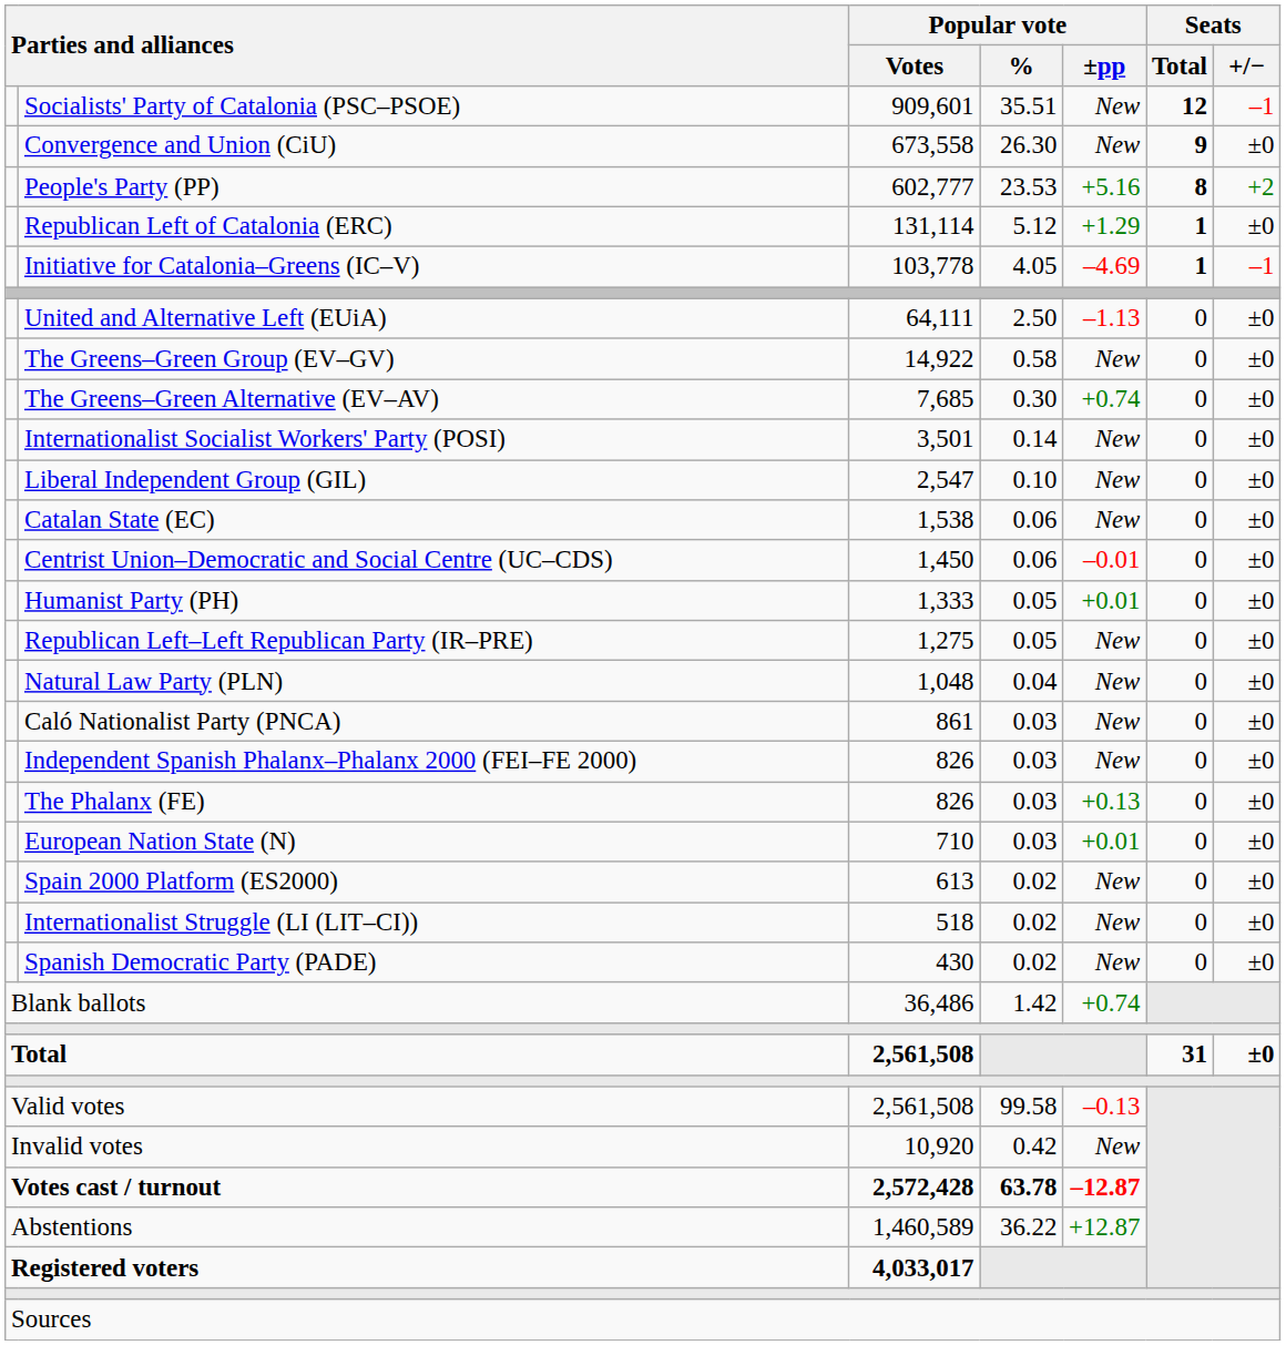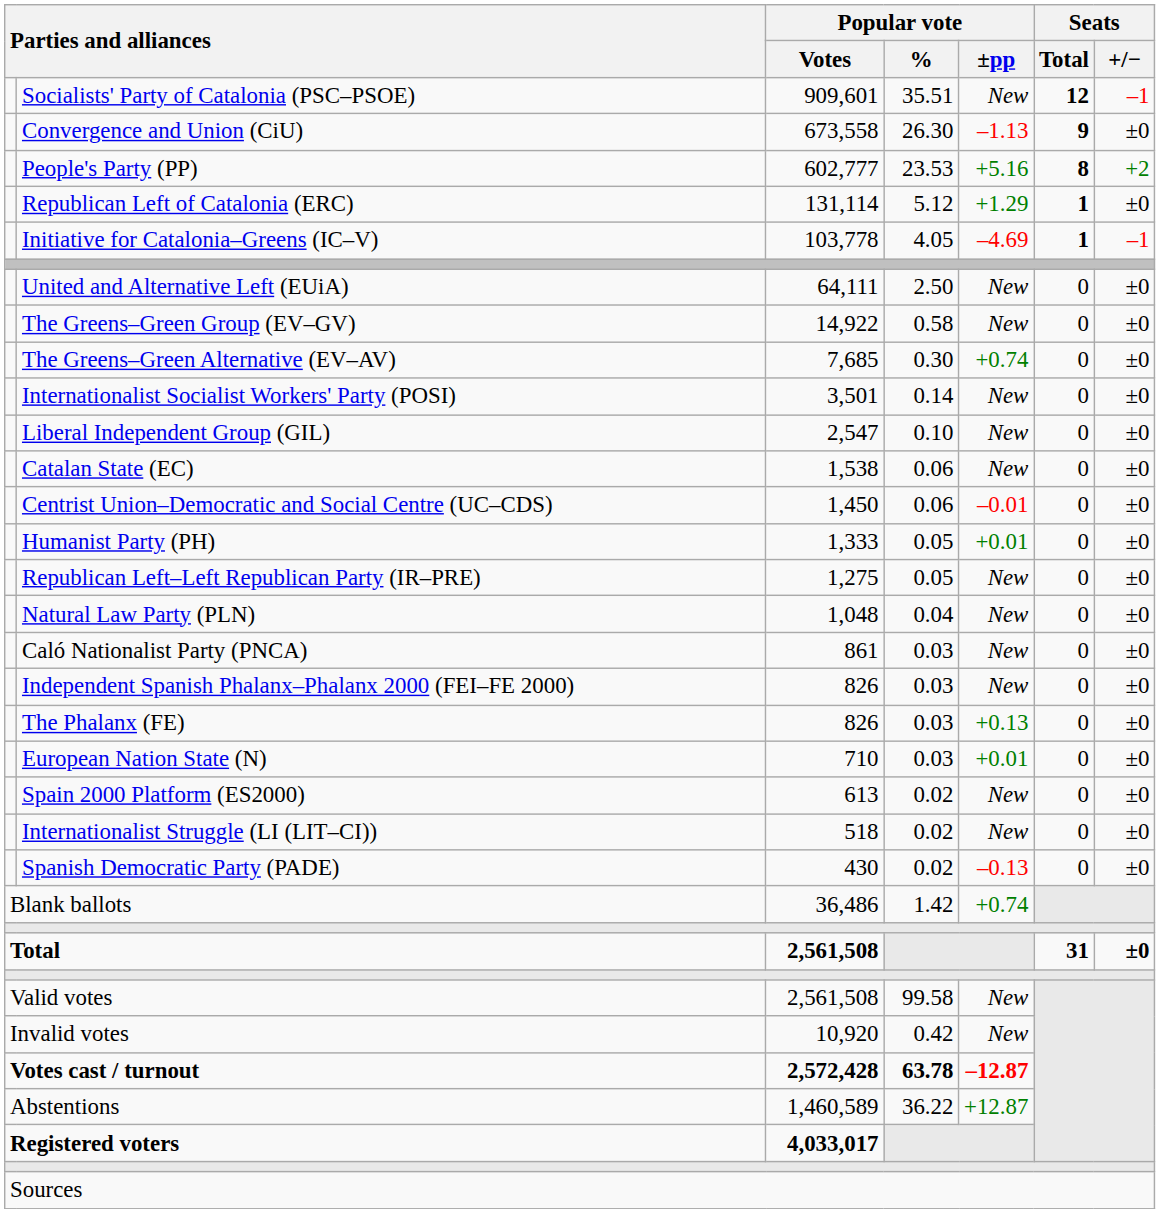 <table class="wikitable" style="text-align:right;">
 <tr>
 <th style="text-align:left;" rowspan="2" colspan="2" width="525">Parties and alliances</th>
 <th colspan="3">Popular vote</th>
 <th colspan="2">Seats</th>
 </tr>
 <tr>
 <th width="75">Votes</th>
 <th width="45">%</th>
 <th width="45">±<a href='#'>pp</a></th>
 <th width="35">Total</th>
 <th width="35">+/−</th>
 </tr>
 <tr>
 <td width="1" style="color:inherit;background:"></td>
 <td align="left"><a href='#'>Socialists' Party of Catalonia</a> (PSC–PSOE)</td>
 <td>909,601</td>
 <td>35.51</td>
 <td><em>New</em></td>
 <td><strong>12</strong></td>
 <td style="color:red;">–1</td>
 </tr>
 <tr>
 <td style="color:inherit;background:"></td>
 <td align="left"><a href='#'>Convergence and Union</a> (CiU)</td>
 <td>673,558</td>
 <td>26.30</td>
-<td><em>New</em></td>
+<td style="color:red;">–1.13</td>
 <td><strong>9</strong></td>
 <td>±0</td>
 </tr>
 <tr>
 <td style="color:inherit;background:"></td>
 <td align="left"><a href='#'>People's Party</a> (PP)</td>
 <td>602,777</td>
 <td>23.53</td>
 <td style="color:green;">+5.16</td>
 <td><strong>8</strong></td>
 <td style="color:green;">+2</td>
 </tr>
 <tr>
 <td style="color:inherit;background:"></td>
 <td align="left"><a href='#'>Republican Left of Catalonia</a> (ERC)</td>
 <td>131,114</td>
 <td>5.12</td>
 <td style="color:green;">+1.29</td>
 <td><strong>1</strong></td>
 <td>±0</td>
 </tr>
 <tr>
 <td style="color:inherit;background:"></td>
 <td align="left"><a href='#'>Initiative for Catalonia–Greens</a> (IC–V)</td>
 <td>103,778</td>
 <td>4.05</td>
 <td style="color:red;">–4.69</td>
 <td><strong>1</strong></td>
 <td style="color:red;">–1</td>
 </tr>
 <tr>
 <td colspan="7" bgcolor="#C0C0C0"></td>
 </tr>
 <tr>
 <td style="color:inherit;background:"></td>
 <td align="left"><a href='#'>United and Alternative Left</a> (EUiA)</td>
 <td>64,111</td>
 <td>2.50</td>
-<td style="color:red;">–1.13</td>
+<td><em>New</em></td>
 <td>0</td>
 <td>±0</td>
 </tr>
 <tr>
 <td style="color:inherit;background:"></td>
 <td align="left"><a href='#'>The Greens–Green Group</a> (EV–GV)</td>
 <td>14,922</td>
 <td>0.58</td>
 <td><em>New</em></td>
 <td>0</td>
 <td>±0</td>
 </tr>
 <tr>
 <td style="color:inherit;background:"></td>
 <td align="left"><a href='#'>The Greens–Green Alternative</a> (EV–AV)</td>
 <td>7,685</td>
 <td>0.30</td>
 <td style="color:green;">+0.74</td>
 <td>0</td>
 <td>±0</td>
 </tr>
 <tr>
 <td style="color:inherit;background:"></td>
 <td align="left"><a href='#'>Internationalist Socialist Workers' Party</a> (POSI)</td>
 <td>3,501</td>
 <td>0.14</td>
 <td><em>New</em></td>
 <td>0</td>
 <td>±0</td>
 </tr>
 <tr>
 <td style="color:inherit;background:"></td>
 <td align="left"><a href='#'>Liberal Independent Group</a> (GIL)</td>
 <td>2,547</td>
 <td>0.10</td>
 <td><em>New</em></td>
 <td>0</td>
 <td>±0</td>
 </tr>
 <tr>
 <td style="color:inherit;background:"></td>
 <td align="left"><a href='#'>Catalan State</a> (EC)</td>
 <td>1,538</td>
 <td>0.06</td>
 <td><em>New</em></td>
 <td>0</td>
 <td>±0</td>
 </tr>
 <tr>
 <td style="color:inherit;background:"></td>
 <td align="left"><a href='#'>Centrist Union–Democratic and Social Centre</a> (UC–CDS)</td>
 <td>1,450</td>
 <td>0.06</td>
 <td style="color:red;">–0.01</td>
 <td>0</td>
 <td>±0</td>
 </tr>
 <tr>
 <td style="color:inherit;background:"></td>
 <td align="left"><a href='#'>Humanist Party</a> (PH)</td>
 <td>1,333</td>
 <td>0.05</td>
 <td style="color:green;">+0.01</td>
 <td>0</td>
 <td>±0</td>
 </tr>
 <tr>
 <td style="color:inherit;background:"></td>
 <td align="left"><a href='#'>Republican Left–Left Republican Party</a> (IR–PRE)</td>
 <td>1,275</td>
 <td>0.05</td>
 <td><em>New</em></td>
 <td>0</td>
 <td>±0</td>
 </tr>
 <tr>
 <td style="color:inherit;background:"></td>
 <td align="left"><a href='#'>Natural Law Party</a> (PLN)</td>
 <td>1,048</td>
 <td>0.04</td>
 <td><em>New</em></td>
 <td>0</td>
 <td>±0</td>
 </tr>
 <tr>
 <td style="color:inherit;background:"></td>
 <td align="left">Caló Nationalist Party (PNCA)</td>
 <td>861</td>
 <td>0.03</td>
 <td><em>New</em></td>
 <td>0</td>
 <td>±0</td>
 </tr>
 <tr>
 <td style="color:inherit;background:"></td>
 <td align="left"><a href='#'>Independent Spanish Phalanx–Phalanx 2000</a> (FEI–FE 2000)</td>
 <td>826</td>
 <td>0.03</td>
 <td><em>New</em></td>
 <td>0</td>
 <td>±0</td>
 </tr>
 <tr>
 <td style="color:inherit;background:"></td>
 <td align="left"><a href='#'>The Phalanx</a> (FE)</td>
 <td>826</td>
 <td>0.03</td>
 <td style="color:green;">+0.13</td>
 <td>0</td>
 <td>±0</td>
 </tr>
 <tr>
 <td style="color:inherit;background:"></td>
 <td align="left"><a href='#'>European Nation State</a> (N)</td>
 <td>710</td>
 <td>0.03</td>
 <td style="color:green;">+0.01</td>
 <td>0</td>
 <td>±0</td>
 </tr>
 <tr>
 <td style="color:inherit;background:"></td>
 <td align="left"><a href='#'>Spain 2000 Platform</a> (ES2000)</td>
 <td>613</td>
 <td>0.02</td>
 <td><em>New</em></td>
 <td>0</td>
 <td>±0</td>
 </tr>
 <tr>
 <td style="color:inherit;background:"></td>
 <td align="left"><a href='#'>Internationalist Struggle</a> (LI (LIT–CI))</td>
 <td>518</td>
 <td>0.02</td>
 <td><em>New</em></td>
 <td>0</td>
 <td>±0</td>
 </tr>
 <tr>
 <td style="color:inherit;background:"></td>
 <td align="left"><a href='#'>Spanish Democratic Party</a> (PADE)</td>
 <td>430</td>
 <td>0.02</td>
-<td><em>New</em></td>
+<td style="color:red;">–0.13</td>
 <td>0</td>
 <td>±0</td>
 </tr>
 <tr>
 <td align="left" colspan="2">Blank ballots</td>
 <td>36,486</td>
 <td>1.42</td>
 <td style="color:green;">+0.74</td>
 <td bgcolor="#E9E9E9" colspan="2"></td>
 </tr>
 <tr>
 <td colspan="7" bgcolor="#E9E9E9"></td>
 </tr>
 <tr style="font-weight:bold;">
 <td align="left" colspan="2">Total</td>
 <td>2,561,508</td>
 <td bgcolor="#E9E9E9" colspan="2"></td>
 <td>31</td>
 <td>±0</td>
 </tr>
 <tr>
 <td colspan="7" bgcolor="#E9E9E9"></td>
 </tr>
 <tr>
 <td align="left" colspan="2">Valid votes</td>
 <td>2,561,508</td>
 <td>99.58</td>
-<td style="color:red;">–0.13</td>
+<td><em>New</em></td>
 <td bgcolor="#E9E9E9" colspan="2" rowspan="5"></td>
 </tr>
 <tr>
 <td align="left" colspan="2">Invalid votes</td>
 <td>10,920</td>
 <td>0.42</td>
 <td><em>New</em></td>
 </tr>
 <tr style="font-weight:bold;">
 <td align="left" colspan="2">Votes cast / turnout</td>
 <td>2,572,428</td>
 <td>63.78</td>
 <td style="color:red;">–12.87</td>
 </tr>
 <tr>
 <td align="left" colspan="2">Abstentions</td>
 <td>1,460,589</td>
 <td>36.22</td>
 <td style="color:green;">+12.87</td>
 </tr>
 <tr style="font-weight:bold;">
 <td align="left" colspan="2">Registered voters</td>
 <td>4,033,017</td>
 <td bgcolor="#E9E9E9" colspan="2"></td>
 </tr>
 <tr>
 <td colspan="7" bgcolor="#E9E9E9"></td>
 </tr>
 <tr>
 <td align="left" colspan="7">Sources</td>
 </tr>
 </table>
